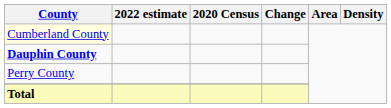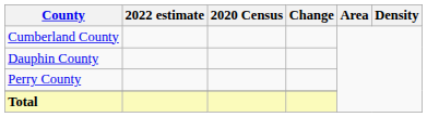 <table class="wikitable sortable">
 <tr>
 <th><a href='#'>County</a></th>
 <th>2022 estimate</th>
 <th>2020 Census</th>
 <th>Change</th>
 <th>Area</th>
 <th>Density</th>
 </tr>
 <tr>
-<td style="background: lightyellow;"><a href='#'>Cumberland County</a></td>
+<td><a href='#'>Cumberland County</a></td>
 <td></td>
 <td></td>
 <td></td>
 </tr>
 <tr>
-<td><strong><a href='#'>Dauphin County</a></strong></td>
+<td><a href='#'>Dauphin County</a></td>
 <td></td>
 <td></td>
 <td></td>
 </tr>
 <tr>
 <td><a href='#'>Perry County</a></td>
 <td></td>
 <td></td>
 <td></td>
 </tr>
 <tr>
 </tr>
 <tr class=sortbottom style="background:#fbfbbb">
 <td><strong>Total</strong></td>
 <td></td>
 <td></td>
 <td></td>
 </tr>
 </table>
